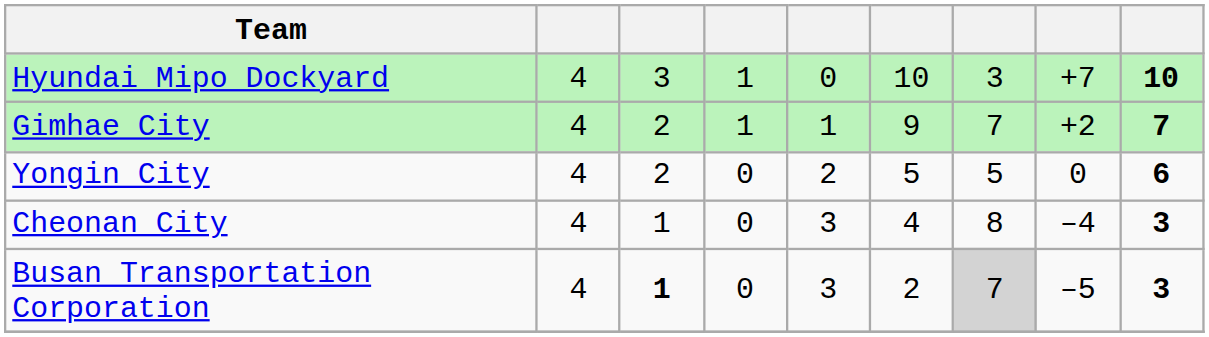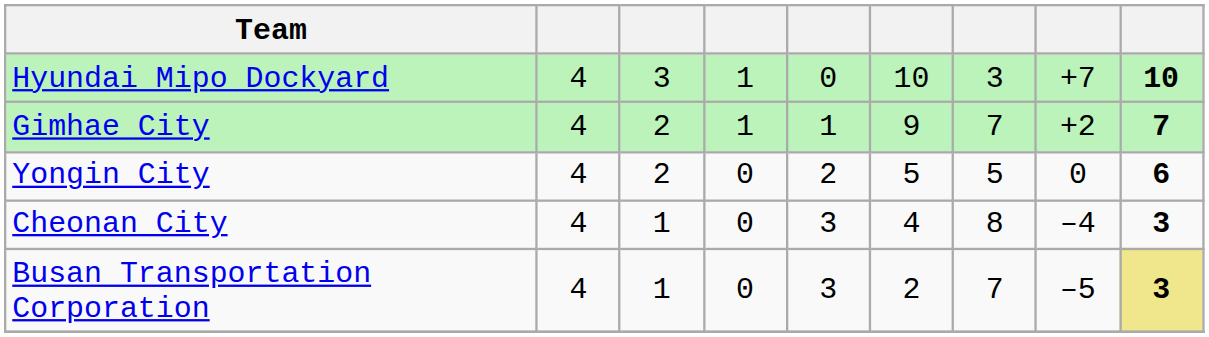 <table class="wikitable" style="text-align:center;">
 <tr>
 <th width=225>Team</th>
 <th width=30></th>
 <th width=30></th>
 <th width=30></th>
 <th width=30></th>
 <th width=30></th>
 <th width=30></th>
 <th width=30></th>
 <th width=30></th>
 </tr>
 <tr bgcolor=#bbf3bb>
 <td align=left><a href='#'>Hyundai Mipo Dockyard</a></td>
 <td>4</td>
 <td>3</td>
 <td>1</td>
 <td>0</td>
 <td>10</td>
 <td>3</td>
 <td>+7</td>
 <td><strong>10</strong></td>
 </tr>
 <tr bgcolor=#bbf3bb>
 <td align=left><a href='#'>Gimhae City</a></td>
 <td>4</td>
 <td>2</td>
 <td>1</td>
 <td>1</td>
 <td>9</td>
 <td>7</td>
 <td>+2</td>
 <td><strong>7</strong></td>
 </tr>
 <tr>
 <td align=left><a href='#'>Yongin City</a></td>
 <td>4</td>
 <td>2</td>
 <td>0</td>
 <td>2</td>
 <td>5</td>
 <td>5</td>
 <td>0</td>
 <td><strong>6</strong></td>
 </tr>
 <tr>
 <td align=left><a href='#'>Cheonan City</a></td>
 <td>4</td>
 <td>1</td>
 <td>0</td>
 <td>3</td>
 <td>4</td>
 <td>8</td>
 <td>–4</td>
 <td><strong>3</strong></td>
 </tr>
 <tr>
 <td align=left><a href='#'>Busan Transportation Corporation</a></td>
 <td>4</td>
-<td><strong>1</strong></td>
+<td>1</td>
 <td>0</td>
 <td>3</td>
 <td>2</td>
-<td style="background: lightgrey;">7</td>
+<td>7</td>
 <td>–5</td>
-<td><strong>3</strong></td>
+<td style="background: khaki;"><strong>3</strong></td>
 </tr>
 <tr>
 </tr>
 </table>
